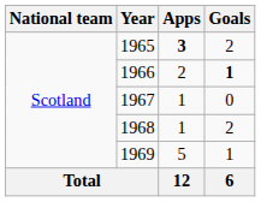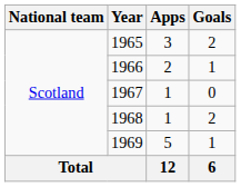 <table class="wikitable" style="text-align:center">
 <tr>
 <th>National team</th>
 <th>Year</th>
 <th>Apps</th>
 <th>Goals</th>
 </tr>
 <tr>
 <td rowspan="5"><a href='#'>Scotland</a></td>
 <td>1965</td>
-<td><strong>3</strong></td>
+<td>3</td>
 <td>2</td>
 </tr>
 <tr>
 <td>1966</td>
 <td>2</td>
-<td><strong>1</strong></td>
+<td>1</td>
 </tr>
 <tr>
 <td>1967</td>
 <td>1</td>
 <td>0</td>
 </tr>
 <tr>
 <td>1968</td>
 <td>1</td>
 <td>2</td>
 </tr>
 <tr>
 <td>1969</td>
 <td>5</td>
 <td>1</td>
 </tr>
 <tr>
 <th colspan="2">Total</th>
 <th>12</th>
 <th>6</th>
 </tr>
 </table>
